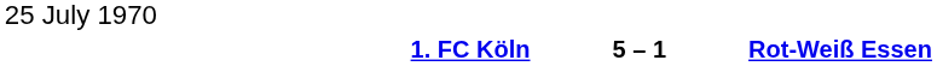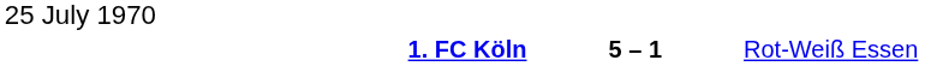 <table width=100% cellspacing=1>
 <tr>
 <th width=25%></th>
 <th width=10%></th>
 <th width=25%></th>
 <th></th>
 </tr>
 <tr>
 <td>25 July 1970</td>
 </tr>
 <tr style=font-size:90%>
 <td align=right><strong><a href='#'>1. FC Köln</a></strong></td>
 <td align=center><strong>5 – 1</strong></td>
-<td><strong><a href='#'>Rot-Weiß Essen</a></strong></td>
+<td><a href='#'>Rot-Weiß Essen</a></td>
 </tr>
 </table>
